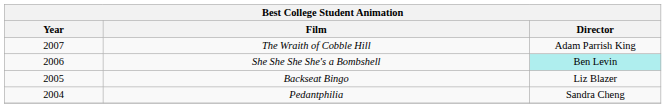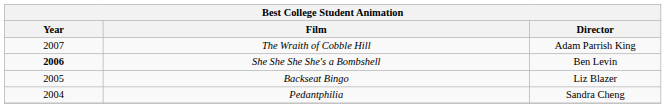 <table class="wikitable" width="80%">
 <tr>
 <th colspan="3" align="center">Best College Student Animation</th>
 </tr>
 <tr>
 <th width="15%">Year</th>
 <th width="65%">Film</th>
 <th width="20%">Director</th>
 </tr>
 <tr>
 <td align="center">2007</td>
 <td align="center"><em>The Wraith of Cobble Hill</em></td>
 <td align="center">Adam Parrish King</td>
 </tr>
 <tr>
-<td align="center">2006</td>
+<td align="center"><strong>2006</strong></td>
 <td align="center"><em>She She She She's a Bombshell</em></td>
-<td align="center" style="background: paleturquoise;">Ben Levin</td>
+<td align="center">Ben Levin</td>
 </tr>
 <tr>
 <td align="center">2005</td>
 <td align="center"><em>Backseat Bingo</em></td>
 <td align="center">Liz Blazer</td>
 </tr>
 <tr>
 <td align="center">2004</td>
 <td align="center"><em>Pedantphilia</em></td>
 <td align="center">Sandra Cheng</td>
 </tr>
 <tr>
 </tr>
 </table>
